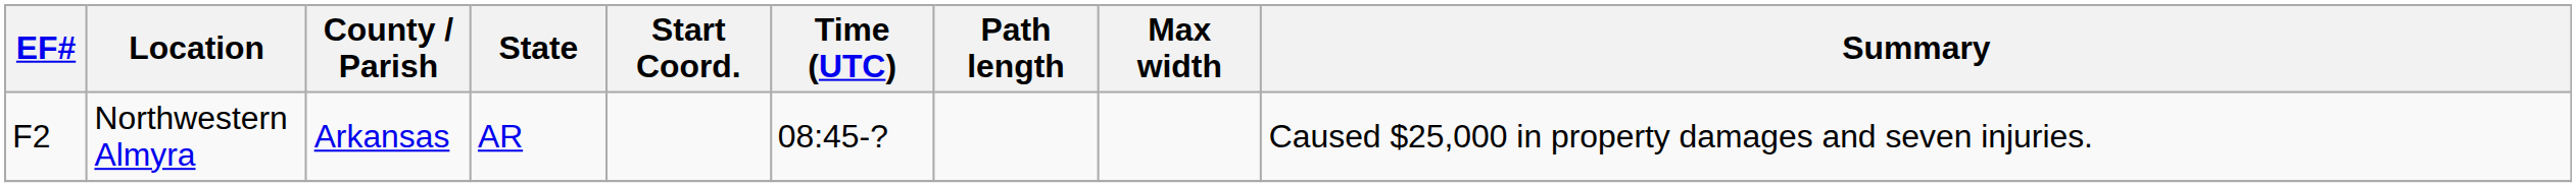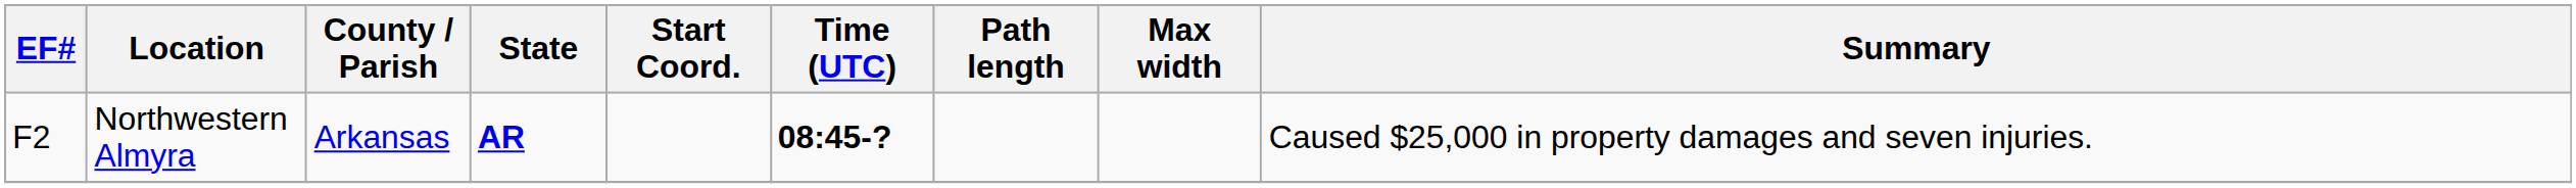 <table class="wikitable sortable" style="width:100%;">
 <tr>
 <th scope="col"  style="width:3%; text-align:center;"><a href='#'>EF#</a></th>
 <th scope="col"  style="width:7%; text-align:center;" class="unsortable">Location</th>
 <th scope="col"  style="width:6%; text-align:center;" class="unsortable">County / Parish</th>
 <th scope="col"  style="width:5%; text-align:center;">State</th>
 <th scope="col"  style="width:6%; text-align:center;">Start Coord.</th>
 <th scope="col"  style="width:6%; text-align:center;">Time (<a href='#'>UTC</a>)</th>
 <th scope="col"  style="width:6%; text-align:center;">Path length</th>
 <th scope="col"  style="width:6%; text-align:center;">Max width</th>
 <th scope="col" class="unsortable" style="width:48%; text-align:center;">Summary</th>
 </tr>
 <tr>
 <td bgcolor=>F2</td>
 <td>Northwestern <a href='#'>Almyra</a></td>
 <td><a href='#'>Arkansas</a></td>
-<td><a href='#'>AR</a></td>
+<td><strong><a href='#'>AR</a></strong></td>
 <td></td>
-<td>08:45-?</td>
+<td><strong>08:45-?</strong></td>
 <td></td>
 <td></td>
 <td>Caused $25,000 in property damages and seven injuries.</td>
 </tr>
 <tr>
 </tr>
 </table>
